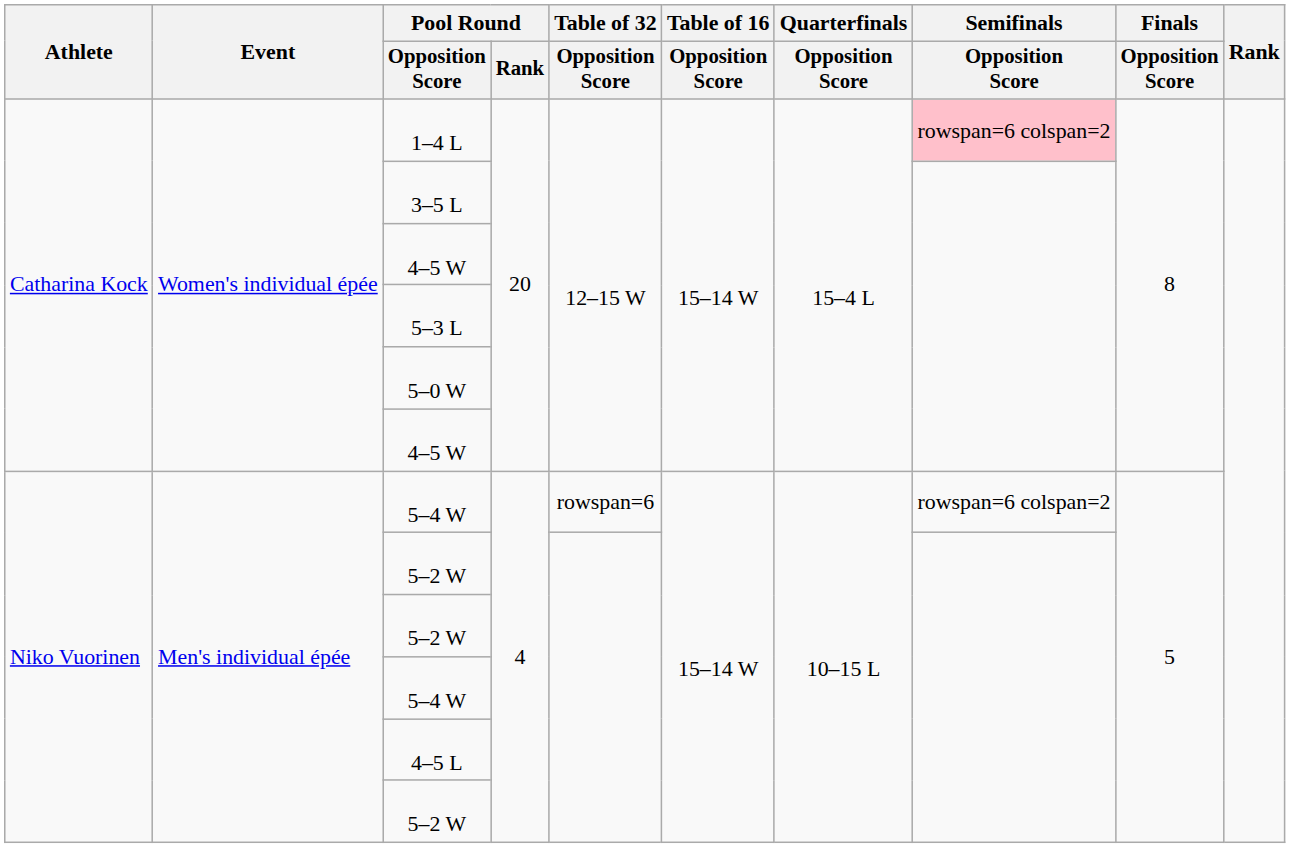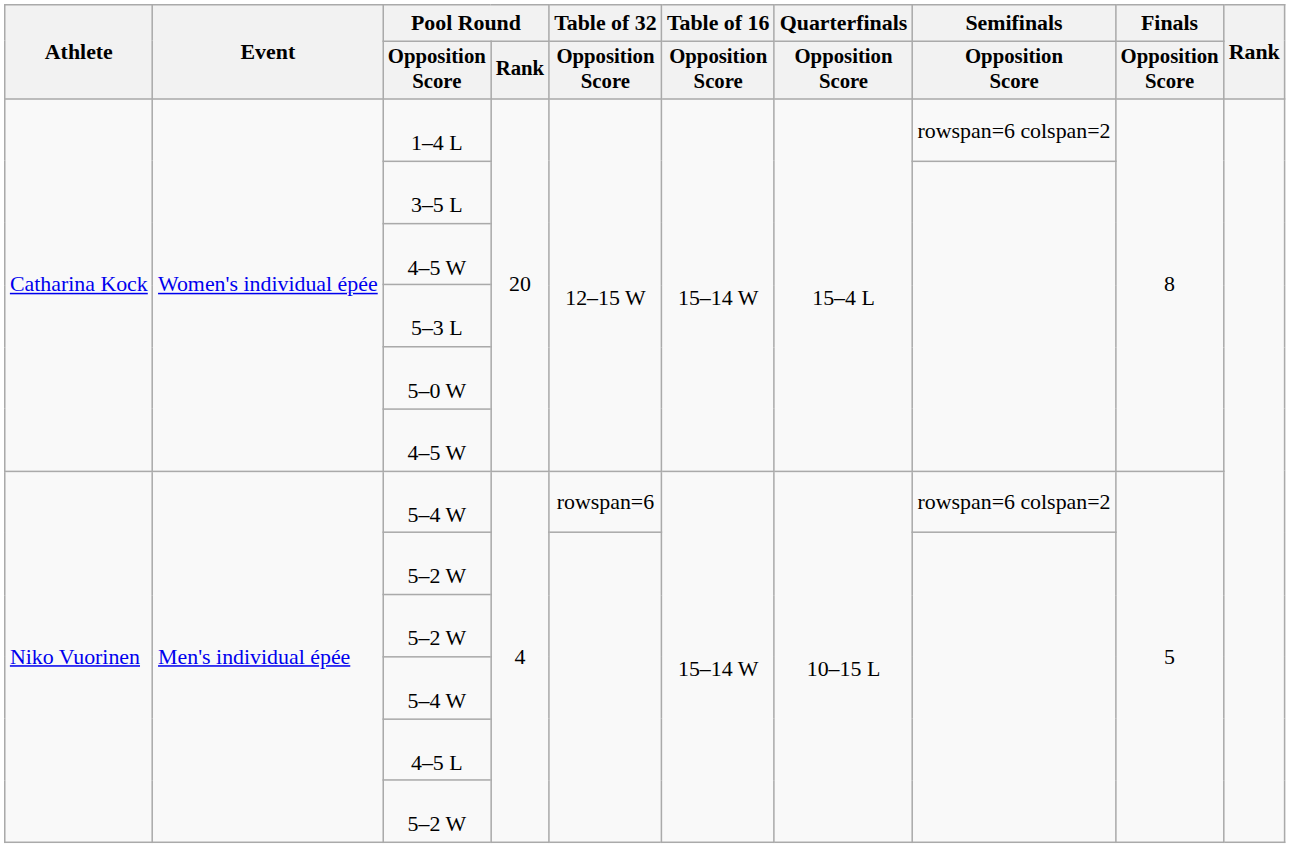 <table class="wikitable" style="font-size:90%">
 <tr>
 <th rowspan="2">Athlete</th>
 <th rowspan="2">Event</th>
 <th colspan=2>Pool Round</th>
 <th>Table of 32</th>
 <th>Table of 16</th>
 <th>Quarterfinals</th>
 <th>Semifinals</th>
 <th>Finals</th>
 <th rowspan=2>Rank</th>
 </tr>
 <tr style="font-size:95%">
 <th>Opposition <br> Score</th>
 <th>Rank</th>
 <th>Opposition <br> Score</th>
 <th>Opposition <br> Score</th>
 <th>Opposition <br> Score</th>
 <th>Opposition <br> Score</th>
 <th>Opposition <br> Score</th>
 </tr>
 <tr align=center>
 <td align=left rowspan=6><a href='#'>Catharina Kock</a></td>
 <td align=left rowspan=6><a href='#'>Women's individual épée</a></td>
 <td><br>1–4 L</td>
 <td rowspan=6>20 </td>
 <td rowspan=6><br>12–15 W</td>
 <td rowspan=6><br>15–14 W</td>
 <td rowspan=6><br>15–4 L</td>
-<td style="background: pink;">rowspan=6 colspan=2 </td>
+<td>rowspan=6 colspan=2 </td>
 <td rowspan=6>8</td>
 </tr>
 <tr align=center>
 <td><br>3–5 L</td>
 </tr>
 <tr align=center>
 <td><br>4–5 W</td>
 </tr>
 <tr align=center>
 <td><br>5–3 L</td>
 </tr>
 <tr align=center>
 <td><br>5–0 W</td>
 </tr>
 <tr align=center>
 <td><br>4–5 W</td>
 </tr>
 <tr align=center>
 <td align=left rowspan=6><a href='#'>Niko Vuorinen</a></td>
 <td align=left rowspan=6><a href='#'>Men's individual épée</a></td>
 <td><br>5–4 W</td>
 <td rowspan=6>4 </td>
 <td>rowspan=6 </td>
 <td rowspan=6><br>15–14 W</td>
 <td rowspan=6><br>10–15 L</td>
 <td>rowspan=6 colspan=2 </td>
 <td rowspan=6>5</td>
 </tr>
 <tr align=center>
 <td><br>5–2 W</td>
 </tr>
 <tr align=center>
 <td><br>5–2 W</td>
 </tr>
 <tr align=center>
 <td><br>5–4 W</td>
 </tr>
 <tr align=center>
 <td><br>4–5 L</td>
 </tr>
 <tr align=center>
 <td><br>5–2 W</td>
 </tr>
 </table>
